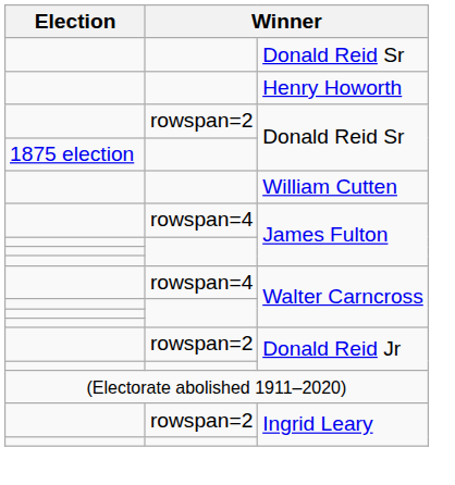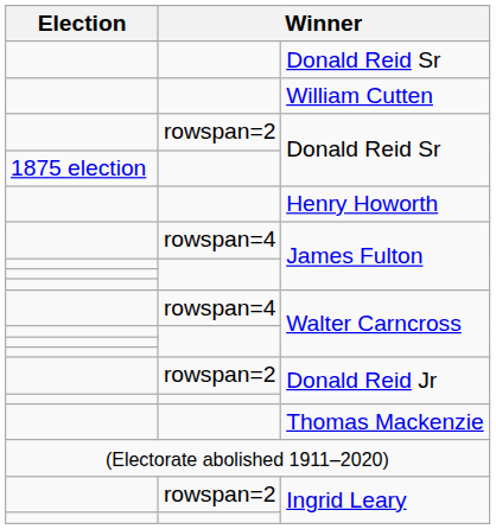 <table class=wikitable>
 <tr>
 <th width=100>Election</th>
 <th width=175 colspan=2>Winner</th>
 </tr>
 <tr>
 <td></td>
 <td></td>
 <td><a href='#'>Donald Reid</a> Sr</td>
 </tr>
 <tr>
 <td></td>
 <td></td>
-<td><a href='#'>Henry Howorth</a></td>
+<td><a href='#'>William Cutten</a></td>
 </tr>
 <tr>
 <td></td>
 <td>rowspan=2 </td>
 <td rowspan=2>Donald Reid Sr</td>
 </tr>
 <tr>
 <td><a href='#'>1875 election</a></td>
 </tr>
 <tr>
 <td></td>
 <td></td>
-<td><a href='#'>William Cutten</a></td>
+<td><a href='#'>Henry Howorth</a></td>
 </tr>
 <tr>
 <td></td>
 <td>rowspan=4 </td>
 <td rowspan=4><a href='#'>James Fulton</a></td>
 </tr>
 <tr>
 <td></td>
 </tr>
 <tr>
 <td></td>
 </tr>
 <tr>
 <td></td>
 </tr>
 <tr>
 <td></td>
 <td>rowspan=4 </td>
 <td rowspan=4><a href='#'>Walter Carncross</a></td>
 </tr>
 <tr>
 <td></td>
 </tr>
 <tr>
 <td></td>
 </tr>
 <tr>
 <td></td>
 </tr>
 <tr>
 <td></td>
 <td>rowspan=2 </td>
 <td rowspan=2><a href='#'>Donald Reid</a> Jr</td>
 </tr>
 <tr>
 <td></td>
 </tr>
 <tr>
+<td></td>
+<td></td>
+<td><a href='#'>Thomas Mackenzie</a></td>
+</tr>
+<tr>
 <td colspan=3 align=center><small>(Electorate abolished 1911–2020)</small></td>
 </tr>
 <tr>
 <td></td>
 <td>rowspan=2 </td>
 <td rowspan=2><a href='#'>Ingrid Leary</a></td>
 </tr>
 <tr>
 <td></td>
 </tr>
 </table>
